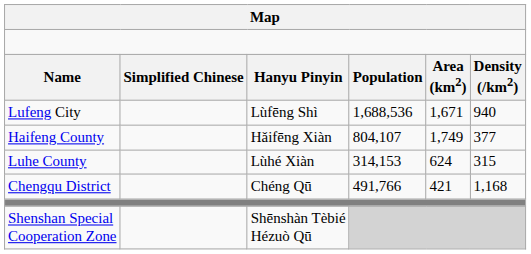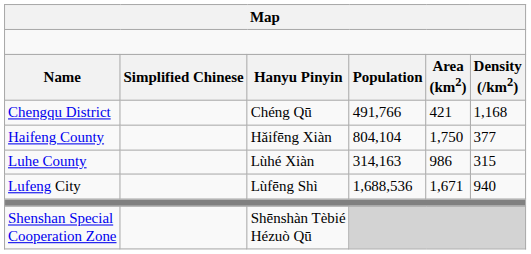 <table class="wikitable" style="font-size:90%;">
 <tr>
 <th colspan="6">Map</th>
 </tr>
 <tr>
 <td colspan="6"><div><br>        </div></td>
 </tr>
 <tr>
 <th>Name</th>
 <th>Simplified Chinese</th>
 <th>Hanyu Pinyin</th>
 <th>Population<br></th>
 <th>Area<br>(km<sup>2</sup>)</th>
 <th>Density<br>(/km<sup>2</sup>)</th>
 </tr>
 <tr>
+<td><a href='#'>Chengqu District</a></td>
+<td></td>
+<td>Chéng Qū</td>
+<td>491,766</td>
+<td>421</td>
+<td>1,168</td>
+</tr>
+<tr>
+<td><a href='#'>Haifeng County</a></td>
+<td></td>
+<td>Hǎifēng Xiàn</td>
+<td>804,104</td>
+<td>1,750</td>
+<td>377</td>
+</tr>
+<tr>
+<td><a href='#'>Luhe County</a></td>
+<td></td>
+<td>Lùhé Xiàn</td>
+<td>314,163</td>
+<td>986</td>
+<td>315</td>
+</tr>
+<tr>
 <td><a href='#'>Lufeng</a> City</td>
 <td></td>
 <td>Lùfēng Shì</td>
 <td>1,688,536</td>
 <td>1,671</td>
 <td>940</td>
-</tr>
-<tr>
-<td><a href='#'>Haifeng County</a></td>
-<td></td>
-<td>Hǎifēng Xiàn</td>
-<td>804,107</td>
-<td>1,749</td>
-<td>377</td>
-</tr>
-<tr>
-<td><a href='#'>Luhe County</a></td>
-<td></td>
-<td>Lùhé Xiàn</td>
-<td>314,153</td>
-<td>624</td>
-<td>315</td>
-</tr>
-<tr>
-<td><a href='#'>Chengqu District</a></td>
-<td></td>
-<td>Chéng Qū</td>
-<td>491,766</td>
-<td>421</td>
-<td>1,168</td>
 </tr>
 <tr bgcolor="grey">
 <td colspan="6"></td>
 </tr>
 <tr>
 <td><a href='#'>Shenshan Special<br>Cooperation Zone</a></td>
 <td></td>
 <td>Shēnshàn Tèbié<br>Hézuò Qū</td>
 <td bgcolor="lightgrey" colspan="3"></td>
 </tr>
 </table>
